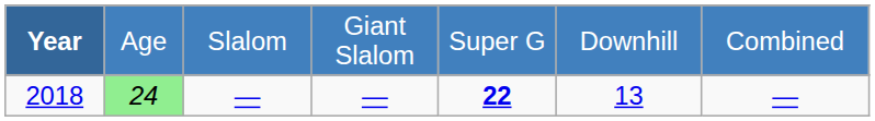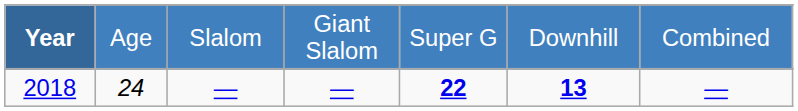 <table class="wikitable" style="font-size:95%; text-align:center; border:grey solid 1px; border-collapse:collapse;" width="40%">
 <tr style="background-color:#369; color:white;">
 <td rowspan="2" colspan="1" width="4%"><strong>Year</strong></td>
 </tr>
 <tr style="background-color:#4180be; color:white;">
 <td width="3%">Age</td>
 <td width="5%">Slalom</td>
 <td width="5%">Giant<br>Slalom</td>
 <td width="5%">Super G</td>
 <td width="5%">Downhill</td>
 <td width="5%">Combined</td>
 </tr>
 <tr style="background-color:#8CB2D8; color:white;">
 </tr>
 <tr>
 <td><a href='#'>2018</a></td>
-<td style="background: lightgreen;"><em>24</em></td>
+<td><em>24</em></td>
 <td><a href='#'>—</a></td>
 <td><a href='#'>—</a></td>
 <td><strong><a href='#'>22</a></strong></td>
-<td><a href='#'>13</a></td>
+<td><strong><a href='#'>13</a></strong></td>
 <td><a href='#'>—</a></td>
 </tr>
 </table>
